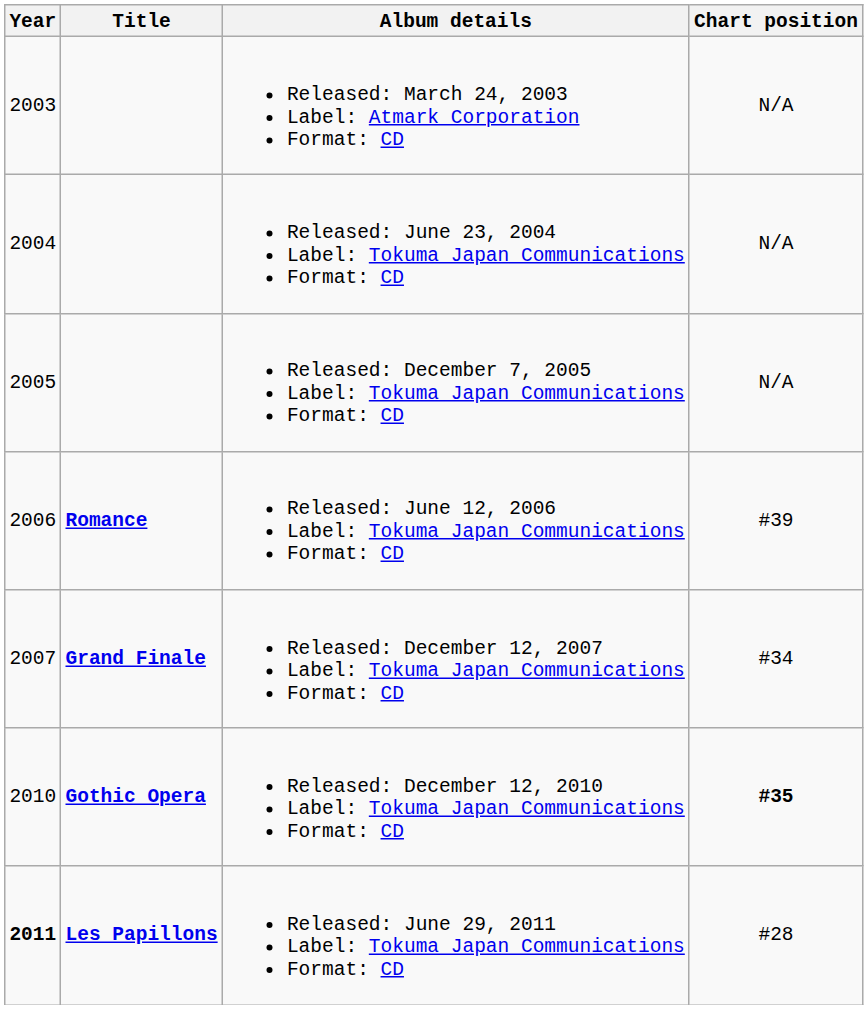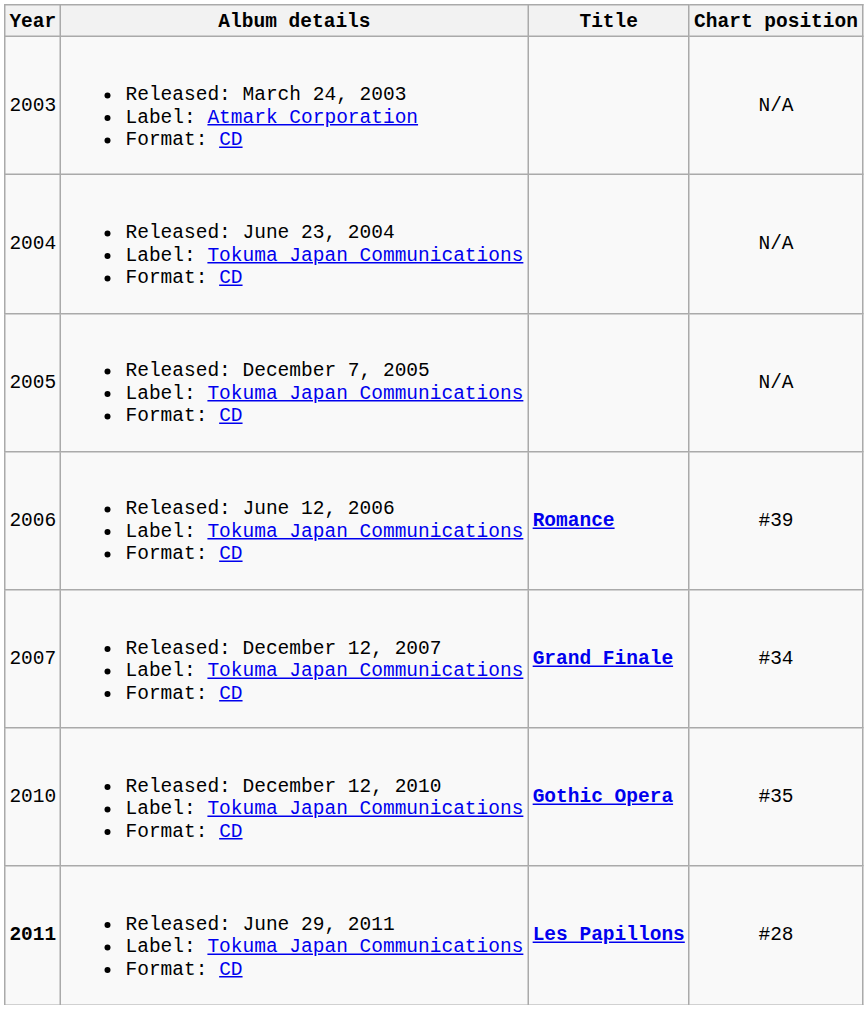 <table class="wikitable">
 <tr>
 <th>Year</th>
+<th>Album details</th>
 <th>Title</th>
-<th>Album details</th>
 <th>Chart position</th>
 </tr>
 <tr>
 <td>2003</td>
+<td><br><ul><li>Released: March 24, 2003</li><li>Label: <a href='#'>Atmark Corporation</a></li><li>Format: <a href='#'>CD</a></li></ul></td>
 <td align="left"></td>
-<td><br><ul><li>Released: March 24, 2003</li><li>Label: <a href='#'>Atmark Corporation</a></li><li>Format: <a href='#'>CD</a></li></ul></td>
 <td align="center">N/A</td>
 </tr>
 <tr>
 <td>2004</td>
+<td><br><ul><li>Released: June 23, 2004</li><li>Label: <a href='#'>Tokuma Japan Communications</a></li><li>Format: <a href='#'>CD</a></li></ul></td>
 <td align="left"></td>
-<td><br><ul><li>Released: June 23, 2004</li><li>Label: <a href='#'>Tokuma Japan Communications</a></li><li>Format: <a href='#'>CD</a></li></ul></td>
 <td align="center">N/A</td>
 </tr>
 <tr>
 <td>2005</td>
+<td><br><ul><li>Released: December 7, 2005</li><li>Label: <a href='#'>Tokuma Japan Communications</a></li><li>Format: <a href='#'>CD</a></li></ul></td>
 <td align="left"></td>
-<td><br><ul><li>Released: December 7, 2005</li><li>Label: <a href='#'>Tokuma Japan Communications</a></li><li>Format: <a href='#'>CD</a></li></ul></td>
 <td align="center">N/A</td>
 </tr>
 <tr>
 <td>2006</td>
+<td><br><ul><li>Released: June 12, 2006</li><li>Label: <a href='#'>Tokuma Japan Communications</a></li><li>Format: <a href='#'>CD</a></li></ul></td>
 <td align="left"><strong><a href='#'>Romance</a></strong></td>
-<td><br><ul><li>Released: June 12, 2006</li><li>Label: <a href='#'>Tokuma Japan Communications</a></li><li>Format: <a href='#'>CD</a></li></ul></td>
 <td align="center">#39</td>
 </tr>
 <tr>
 <td>2007</td>
+<td><br><ul><li>Released: December 12, 2007</li><li>Label: <a href='#'>Tokuma Japan Communications</a></li><li>Format: <a href='#'>CD</a></li></ul></td>
 <td align="left"><strong><a href='#'>Grand Finale</a></strong></td>
-<td><br><ul><li>Released: December 12, 2007</li><li>Label: <a href='#'>Tokuma Japan Communications</a></li><li>Format: <a href='#'>CD</a></li></ul></td>
 <td align="center">#34</td>
 </tr>
 <tr>
 <td>2010</td>
+<td><br><ul><li>Released: December 12, 2010</li><li>Label: <a href='#'>Tokuma Japan Communications</a></li><li>Format: <a href='#'>CD</a></li></ul></td>
 <td align="left"><strong><a href='#'>Gothic Opera</a></strong></td>
-<td><br><ul><li>Released: December 12, 2010</li><li>Label: <a href='#'>Tokuma Japan Communications</a></li><li>Format: <a href='#'>CD</a></li></ul></td>
-<td align="center"><strong>#35</strong></td>
+<td align="center">#35</td>
 </tr>
 <tr>
 <td><strong>2011</strong></td>
+<td><br><ul><li>Released: June 29, 2011</li><li>Label: <a href='#'>Tokuma Japan Communications</a></li><li>Format: <a href='#'>CD</a></li></ul></td>
 <td align="left"><strong><a href='#'>Les Papillons</a></strong></td>
-<td><br><ul><li>Released: June 29, 2011</li><li>Label: <a href='#'>Tokuma Japan Communications</a></li><li>Format: <a href='#'>CD</a></li></ul></td>
 <td align="center">#28</td>
 </tr>
 </table>
